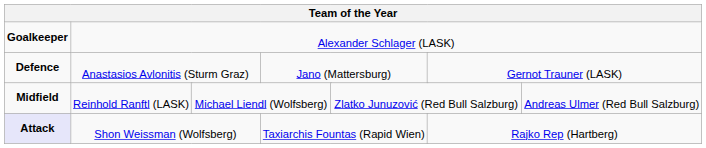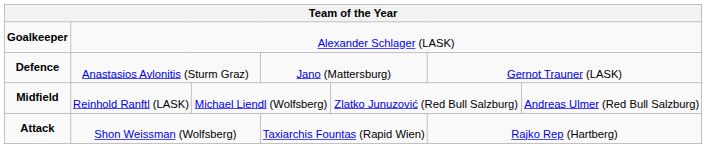 <table class="wikitable" style="text-align:center">
 <tr>
 <th colspan="13">Team of the Year</th>
 </tr>
 <tr>
 <td><strong>Goalkeeper</strong></td>
 <td colspan="12"><br><a href='#'>Alexander Schlager</a> (LASK)</td>
 </tr>
 <tr>
 <td><strong>Defence</strong></td>
 <td colspan="4"><br> <a href='#'>Anastasios Avlonitis</a> (Sturm Graz)</td>
 <td colspan="4"><br> <a href='#'>Jano</a> (Mattersburg)</td>
 <td colspan="4"><br> <a href='#'>Gernot Trauner</a> (LASK)</td>
 </tr>
 <tr>
 <td><strong>Midfield</strong></td>
 <td colspan="3"><br> <a href='#'>Reinhold Ranftl</a> (LASK)</td>
 <td colspan="3"><br> <a href='#'>Michael Liendl</a> (Wolfsberg)</td>
 <td colspan="3"><br> <a href='#'>Zlatko Junuzović</a> (Red Bull Salzburg)</td>
 <td colspan="3"><br> <a href='#'>Andreas Ulmer</a> (Red Bull Salzburg)</td>
 </tr>
 <tr>
-<td style="background: lavender;"><strong>Attack</strong></td>
+<td><strong>Attack</strong></td>
 <td colspan="4"><br> <a href='#'>Shon Weissman</a> (Wolfsberg)</td>
 <td colspan="4"><br> <a href='#'>Taxiarchis Fountas</a> (Rapid Wien)</td>
 <td colspan="4"><br> <a href='#'>Rajko Rep</a> (Hartberg)</td>
 </tr>
 </table>
